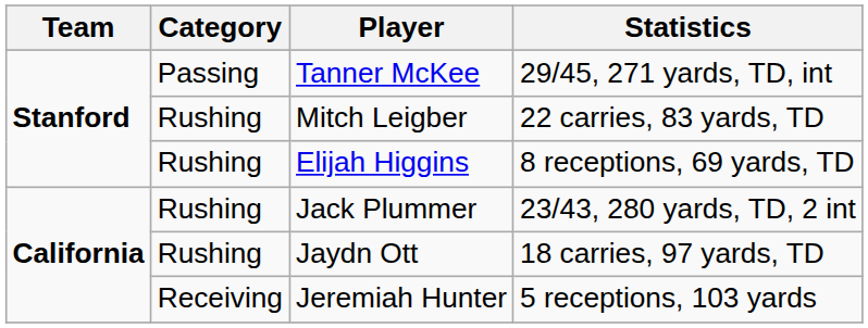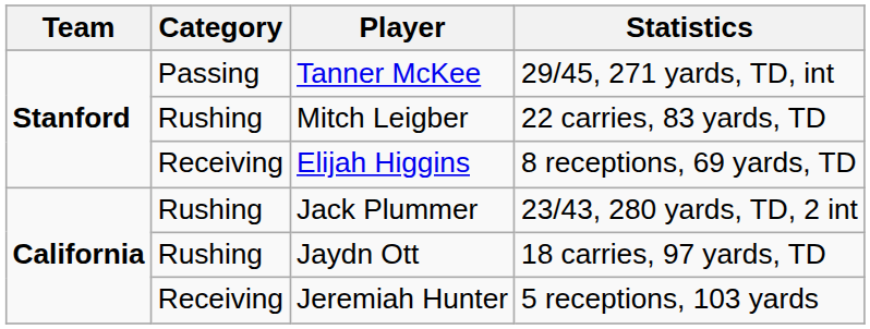 <table class="wikitable" style="float: right;">
 <tr>
 <th>Team</th>
 <th>Category</th>
 <th>Player</th>
 <th>Statistics</th>
 </tr>
 <tr>
 <td rowspan=3><strong>Stanford</strong></td>
 <td>Passing</td>
 <td><a href='#'>Tanner McKee</a></td>
 <td>29/45, 271 yards, TD, int</td>
 </tr>
 <tr>
 <td>Rushing</td>
 <td>Mitch Leigber</td>
 <td>22 carries, 83 yards, TD</td>
 </tr>
 <tr>
-<td>Rushing</td>
+<td>Receiving</td>
 <td><a href='#'>Elijah Higgins</a></td>
 <td>8 receptions, 69 yards, TD</td>
 </tr>
 <tr>
 <td rowspan=3><strong>California</strong></td>
 <td>Rushing</td>
 <td>Jack Plummer</td>
 <td>23/43, 280 yards, TD, 2 int</td>
 </tr>
 <tr>
 <td>Rushing</td>
 <td>Jaydn Ott</td>
 <td>18 carries, 97 yards, TD</td>
 </tr>
 <tr>
 <td>Receiving</td>
 <td>Jeremiah Hunter</td>
 <td>5 receptions, 103 yards</td>
 </tr>
 </table>
